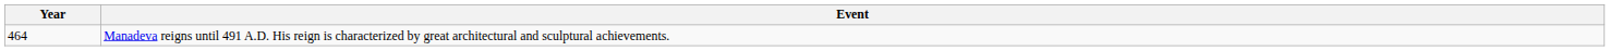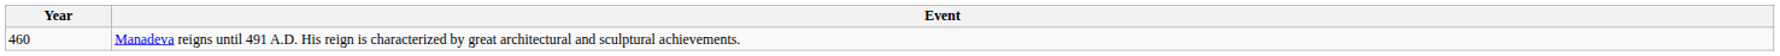 <table class="wikitable" width="100%">
 <tr>
 <th style="width:6%">Year</th>
 <th>Event</th>
 </tr>
 <tr>
-<td>464</td>
+<td>460</td>
 <td><a href='#'>Manadeva</a> reigns until 491 A.D. His reign is characterized by great architectural and sculptural achievements.</td>
 </tr>
 </table>
